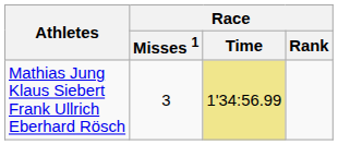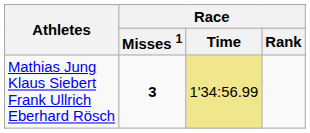 <table class="wikitable" style="font-size:90%;">
 <tr>
 <th rowspan=2>Athletes</th>
 <th colspan=3>Race</th>
 </tr>
 <tr>
 <th>Misses <sup>1</sup></th>
 <th>Time</th>
 <th>Rank</th>
 </tr>
 <tr>
 <td><a href='#'>Mathias Jung</a><br><a href='#'>Klaus Siebert</a><br><a href='#'>Frank Ullrich</a><br><a href='#'>Eberhard Rösch</a></td>
-<td align=center>3</td>
+<td align=center><strong>3</strong></td>
 <td align=center style="background: khaki;">1'34:56.99</td>
 <td align=center></td>
 </tr>
 </table>
